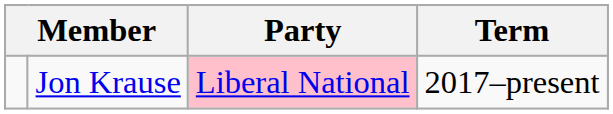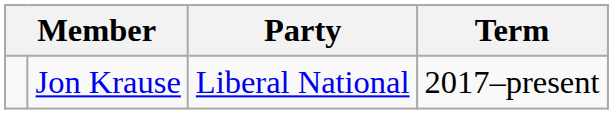 <table class="wikitable">
 <tr>
 <th colspan="2">Member</th>
 <th>Party</th>
 <th>Term</th>
 </tr>
 <tr>
 <td> </td>
 <td><a href='#'>Jon Krause</a></td>
-<td style="background: pink;"><a href='#'>Liberal National</a></td>
+<td><a href='#'>Liberal National</a></td>
 <td>2017–present</td>
 </tr>
 </table>
